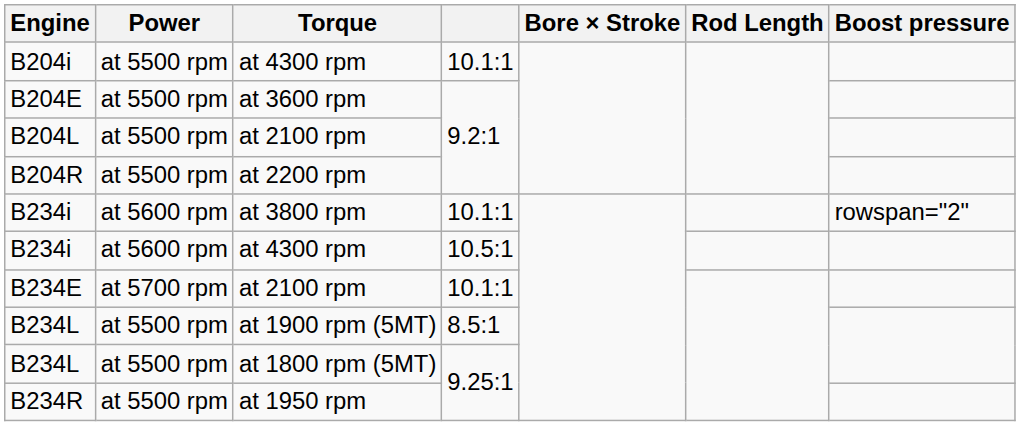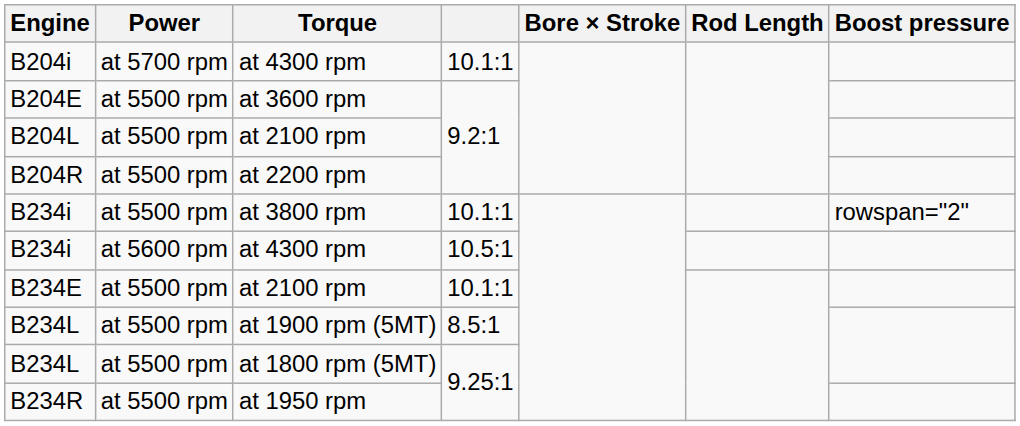 <table class="wikitable">
 <tr>
 <th scope="col">Engine</th>
 <th scope="col">Power</th>
 <th scope="col">Torque</th>
 <th scope="col"></th>
 <th scope="col">Bore × Stroke</th>
 <th scope="col">Rod Length</th>
 <th scope="col">Boost pressure</th>
 </tr>
 <tr>
 <td>B204i</td>
-<td> at 5500 rpm</td>
+<td> at 5700 rpm</td>
 <td> at 4300 rpm</td>
 <td>10.1:1</td>
 <td rowspan="4"></td>
 <td rowspan="4"></td>
 <td></td>
 </tr>
 <tr>
 <td>B204E</td>
 <td> at 5500 rpm</td>
 <td> at 3600 rpm</td>
 <td rowspan="3">9.2:1</td>
 <td></td>
 </tr>
 <tr>
 <td>B204L</td>
 <td> at 5500 rpm</td>
 <td> at 2100 rpm</td>
 <td></td>
 </tr>
 <tr>
 <td>B204R</td>
 <td> at 5500 rpm</td>
 <td> at 2200 rpm</td>
 <td></td>
 </tr>
 <tr>
 <td>B234i </td>
-<td> at 5600 rpm</td>
+<td> at 5500 rpm</td>
 <td> at 3800 rpm</td>
 <td>10.1:1</td>
 <td rowspan="6"></td>
 <td></td>
 <td>rowspan="2" </td>
 </tr>
 <tr>
 <td>B234i </td>
 <td> at 5600 rpm</td>
 <td> at 4300 rpm</td>
 <td>10.5:1</td>
 <td></td>
 </tr>
 <tr>
 <td>B234E</td>
-<td> at 5700 rpm</td>
+<td> at 5500 rpm</td>
 <td> at 2100 rpm</td>
 <td>10.1:1</td>
 <td rowspan="4"></td>
 <td></td>
 </tr>
 <tr>
 <td>B234L </td>
 <td> at 5500 rpm</td>
 <td> at 1900 rpm (5MT)</td>
 <td>8.5:1</td>
 <td rowspan="2"></td>
 </tr>
 <tr>
 <td>B234L </td>
 <td> at 5500 rpm</td>
 <td> at 1800 rpm (5MT)</td>
 <td rowspan="2">9.25:1</td>
 </tr>
 <tr>
 <td>B234R</td>
 <td> at 5500 rpm</td>
 <td> at 1950 rpm</td>
 <td></td>
 </tr>
 </table>
